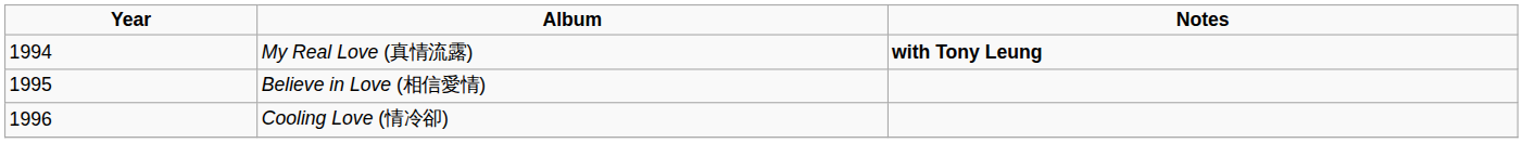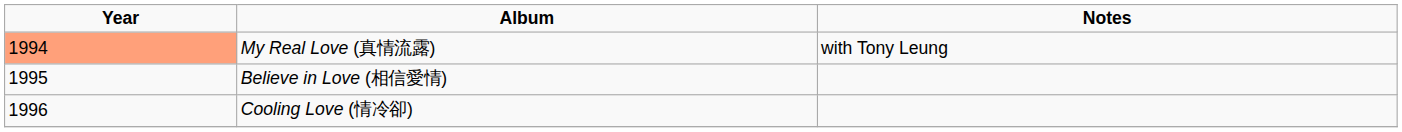 <table class="wikitable" width="80%">
 <tr align="center">
 <td style="width:10%"><strong>Year</strong></td>
 <td style="width:25%"><strong>Album</strong></td>
 <td style="width:25%"><strong>Notes</strong></td>
 </tr>
 <tr>
-<td rowspan="1">1994</td>
+<td rowspan="1" style="background: lightsalmon;">1994</td>
 <td><em>My Real Love</em> (真情流露)</td>
-<td><strong>with Tony Leung</strong></td>
+<td>with Tony Leung</td>
 </tr>
 <tr>
 <td rowspan="1">1995</td>
 <td><em>Believe in Love</em> (相信愛情)</td>
 <td></td>
 </tr>
 <tr>
 <td rowspan="1">1996</td>
 <td><em>Cooling Love</em> (情冷卻)</td>
 <td></td>
 </tr>
 <tr>
 </tr>
 </table>
